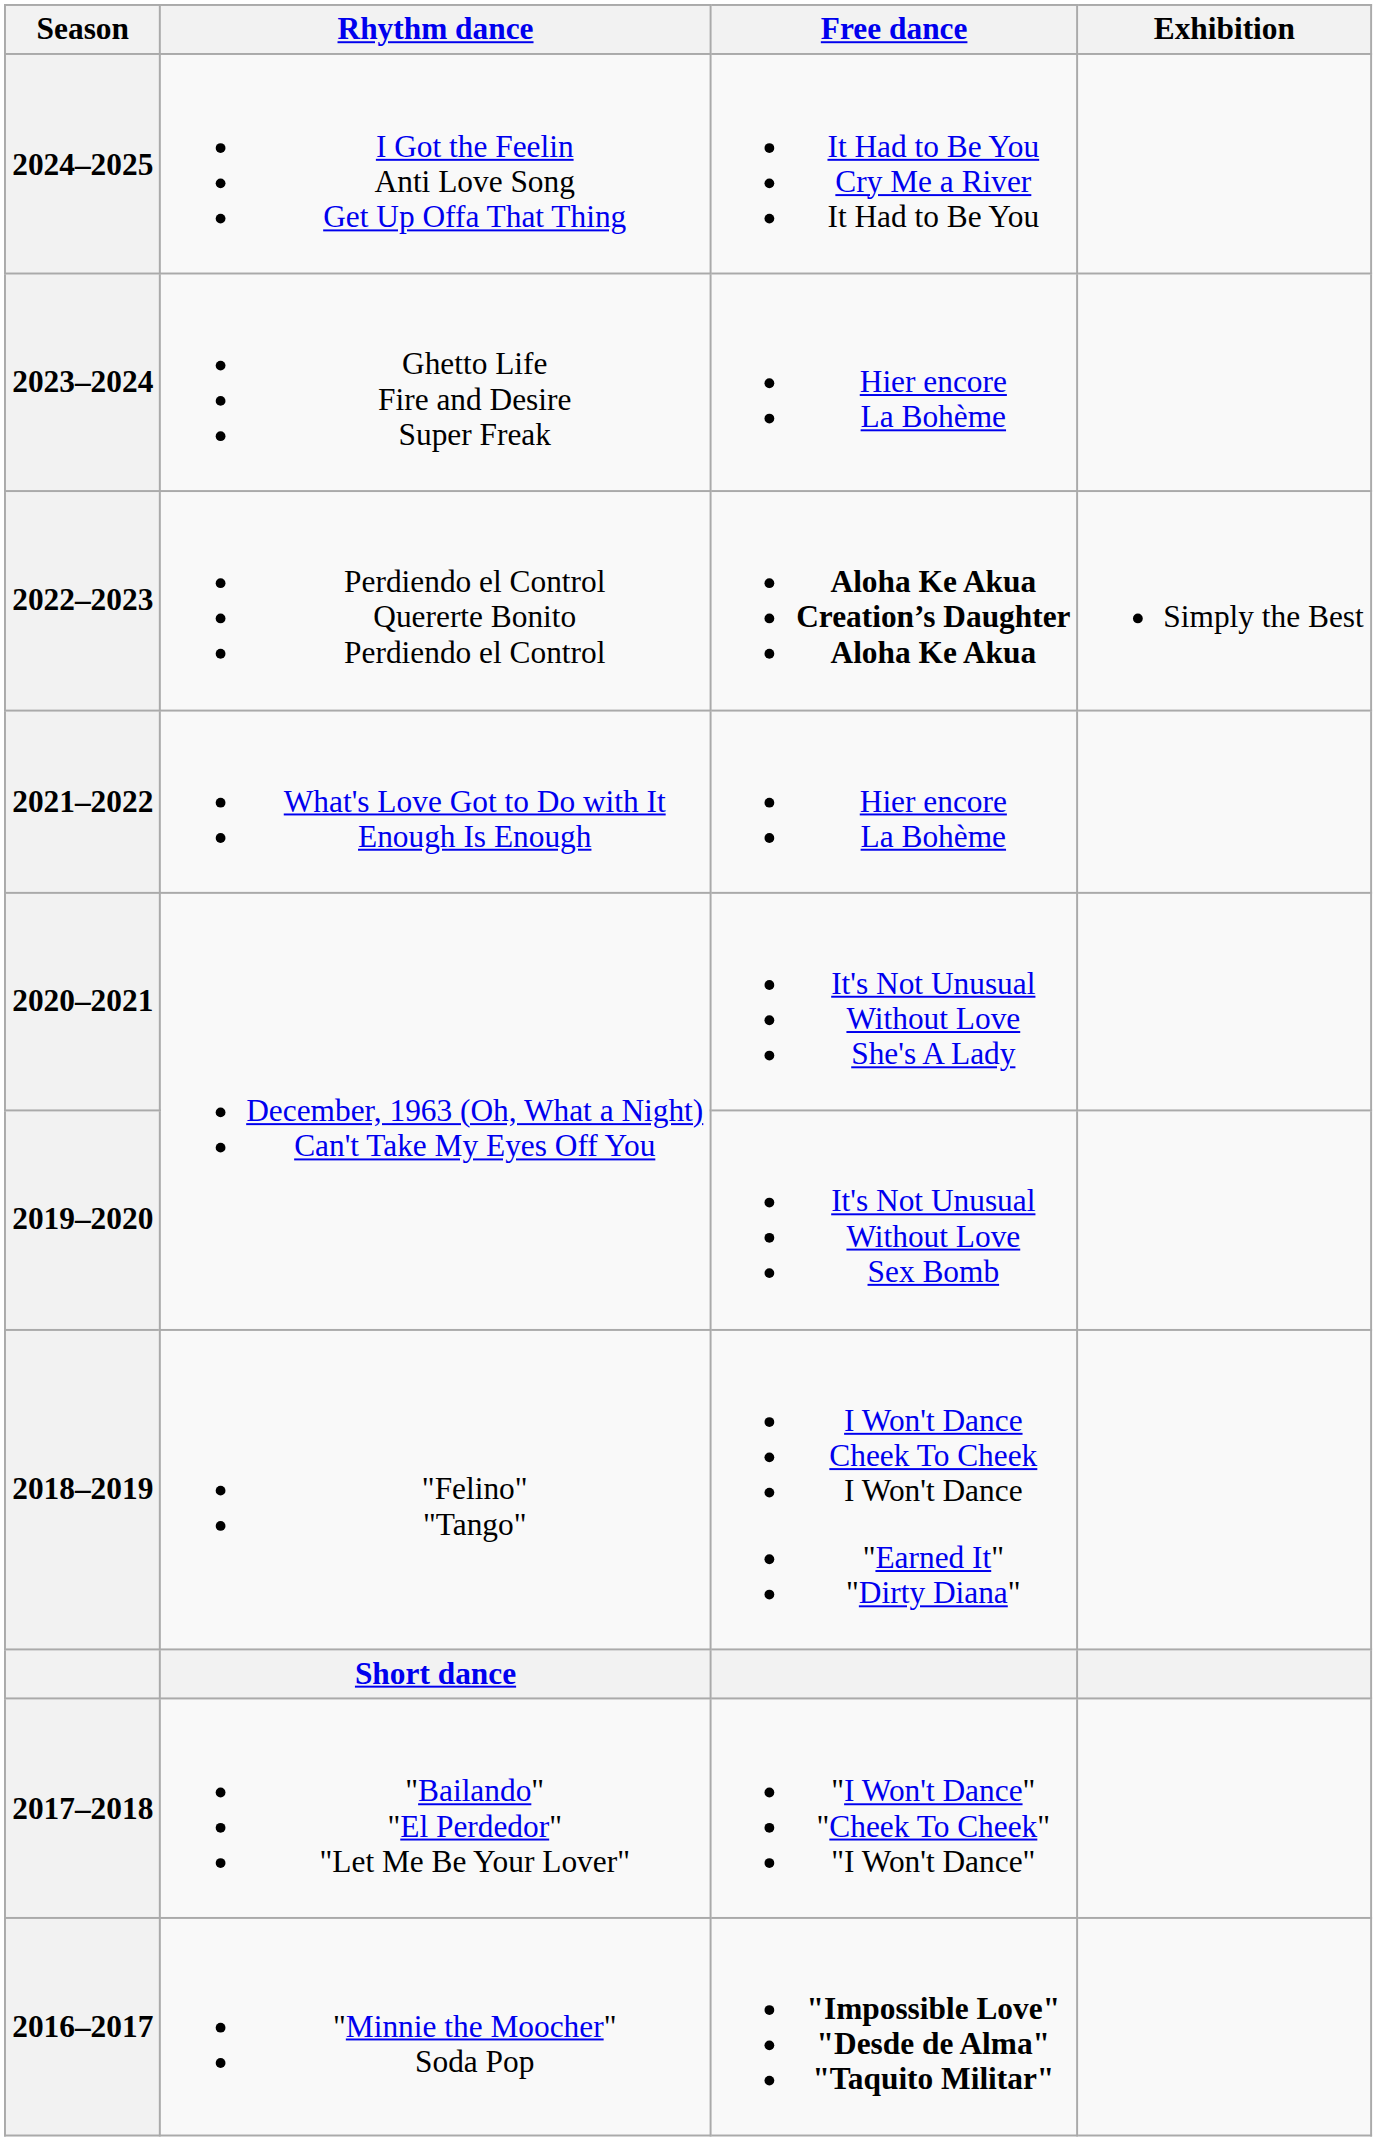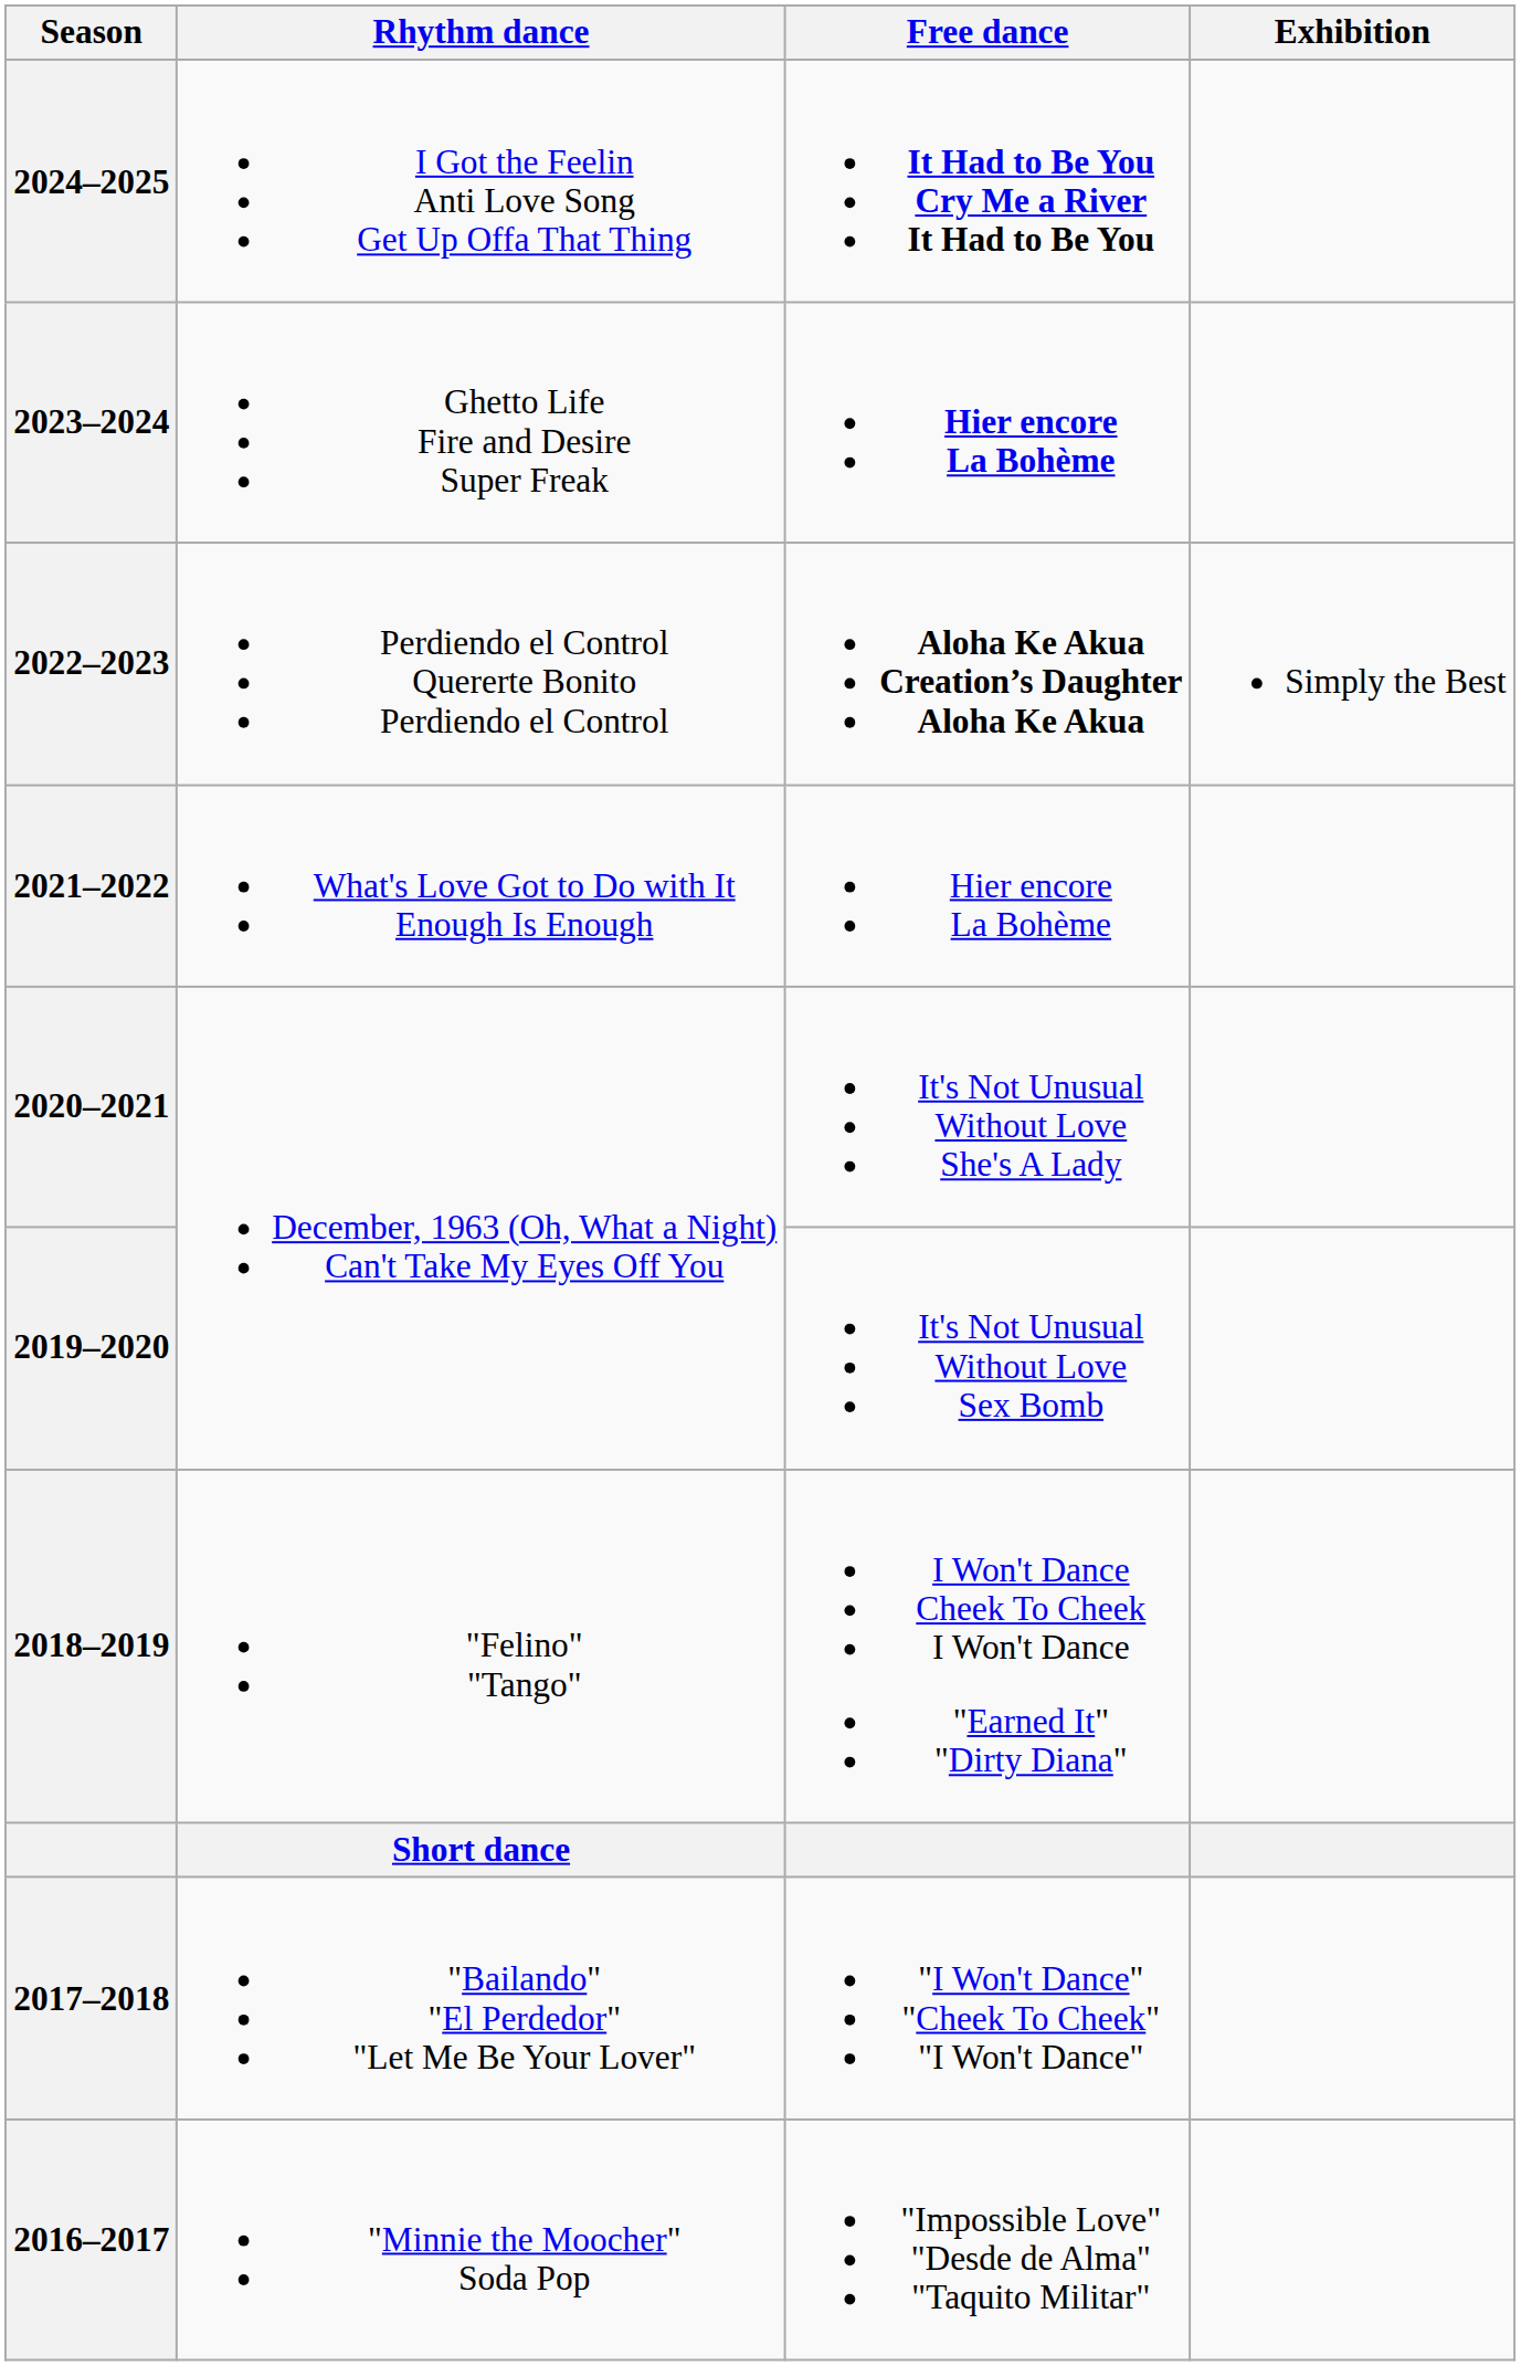 <table class=wikitable style=text-align:center>
 <tr>
 <th>Season</th>
 <th><a href='#'>Rhythm dance</a></th>
 <th><a href='#'>Free dance</a></th>
 <th>Exhibition</th>
 </tr>
 <tr>
 <th>2024–2025 <br> </th>
 <td><br><ul><li><a href='#'>I Got the Feelin</a> <br> </li><li>Anti Love Song <br> </li><li><a href='#'>Get Up Offa That Thing</a> <br> </li></ul></td>
-<td><br><ul><li><a href='#'>It Had to Be You</a></li><li><a href='#'>Cry Me a River</a></li><li>It Had to Be You <br> </li></ul></td>
+<td><strong><br><ul><li><a href='#'>It Had to Be You</a></li><li><a href='#'>Cry Me a River</a></li><li>It Had to Be You <br> </li></ul></strong></td>
 <td></td>
 </tr>
 <tr>
 <th>2023–2024 <br> </th>
 <td><br><ul><li>Ghetto Life<br> </li><li>Fire and Desire<br> </li><li>Super Freak<br> </li></ul></td>
-<td><br><ul><li><a href='#'>Hier encore</a></li><li><a href='#'>La Bohème</a> <br> </li></ul></td>
+<td><strong><br><ul><li><a href='#'>Hier encore</a></li><li><a href='#'>La Bohème</a> <br> </li></ul></strong></td>
 <td></td>
 </tr>
 <tr>
 <th>2022–2023 <br> </th>
 <td><br><ul><li> Perdiendo el Control <br> </li><li> Quererte Bonito <br> </li><li> Perdiendo el Control <br> </li></ul></td>
 <td><strong><br><ul><li>Aloha Ke Akua</li><li>Creation’s Daughter</li><li>Aloha Ke Akua <br></li></ul></strong></td>
 <td><br><ul><li>Simply the Best <br></li></ul></td>
 </tr>
 <tr>
 <th>2021–2022 <br> </th>
 <td><br><ul><li> <a href='#'>What's Love Got to Do with It</a> <br> </li><li><a href='#'>Enough Is Enough</a> <br> </li></ul></td>
 <td><br><ul><li><a href='#'>Hier encore</a></li><li><a href='#'>La Bohème</a> <br> </li></ul></td>
 <td></td>
 </tr>
 <tr>
 <th>2020–2021 <br> </th>
 <td rowspan=2><br><ul><li> <a href='#'>December, 1963 (Oh, What a Night)</a> <br> </li><li> <a href='#'>Can't Take My Eyes Off You</a> <br> </li></ul></td>
 <td><br><ul><li><a href='#'>It's Not Unusual</a></li><li><a href='#'>Without Love</a></li><li><a href='#'>She's A Lady</a> <br> </li></ul></td>
 <td></td>
 </tr>
 <tr>
 <th>2019–2020 <br> </th>
 <td><br><ul><li><a href='#'>It's Not Unusual</a></li><li><a href='#'>Without Love</a></li><li><a href='#'>Sex Bomb</a> <br> </li></ul></td>
 <td></td>
 </tr>
 <tr>
 <th>2018–2019 <br> </th>
 <td><br><ul><li> "Felino" <br></li><li> "Tango" <br></li></ul></td>
 <td><br><ul><li><a href='#'>I Won't Dance</a> <br></li><li><a href='#'>Cheek To Cheek</a> <br></li><li>I Won't Dance <br></li></ul><ul><li>"<a href='#'>Earned It</a>" <br></li><li>"<a href='#'>Dirty Diana</a>" <br></li></ul></td>
 <td></td>
 </tr>
 <tr>
 <th></th>
 <th><a href='#'>Short dance</a></th>
 <th></th>
 <th></th>
 </tr>
 <tr>
 <th>2017–2018 <br> </th>
 <td><br><ul><li> "<a href='#'>Bailando</a>" <br></li><li> "<a href='#'>El Perdedor</a>" <br></li><li> "Let Me Be Your Lover" <br></li></ul></td>
 <td><br><ul><li>"<a href='#'>I Won't Dance</a>" <br></li><li>"<a href='#'>Cheek To Cheek</a>" <br></li><li>"I Won't Dance" <br></li></ul></td>
 <td></td>
 </tr>
 <tr>
 <th>2016–2017 <br> </th>
 <td><br><ul><li>"<a href='#'>Minnie the Moocher</a>"</li><li>Soda Pop <br></li></ul></td>
-<td><strong><br><ul><li>"Impossible Love" <br></li><li>"Desde de Alma" <br></li><li>"Taquito Militar" <br></li></ul></strong></td>
+<td><br><ul><li>"Impossible Love" <br></li><li>"Desde de Alma" <br></li><li>"Taquito Militar" <br></li></ul></td>
 <td></td>
 </tr>
 </table>
